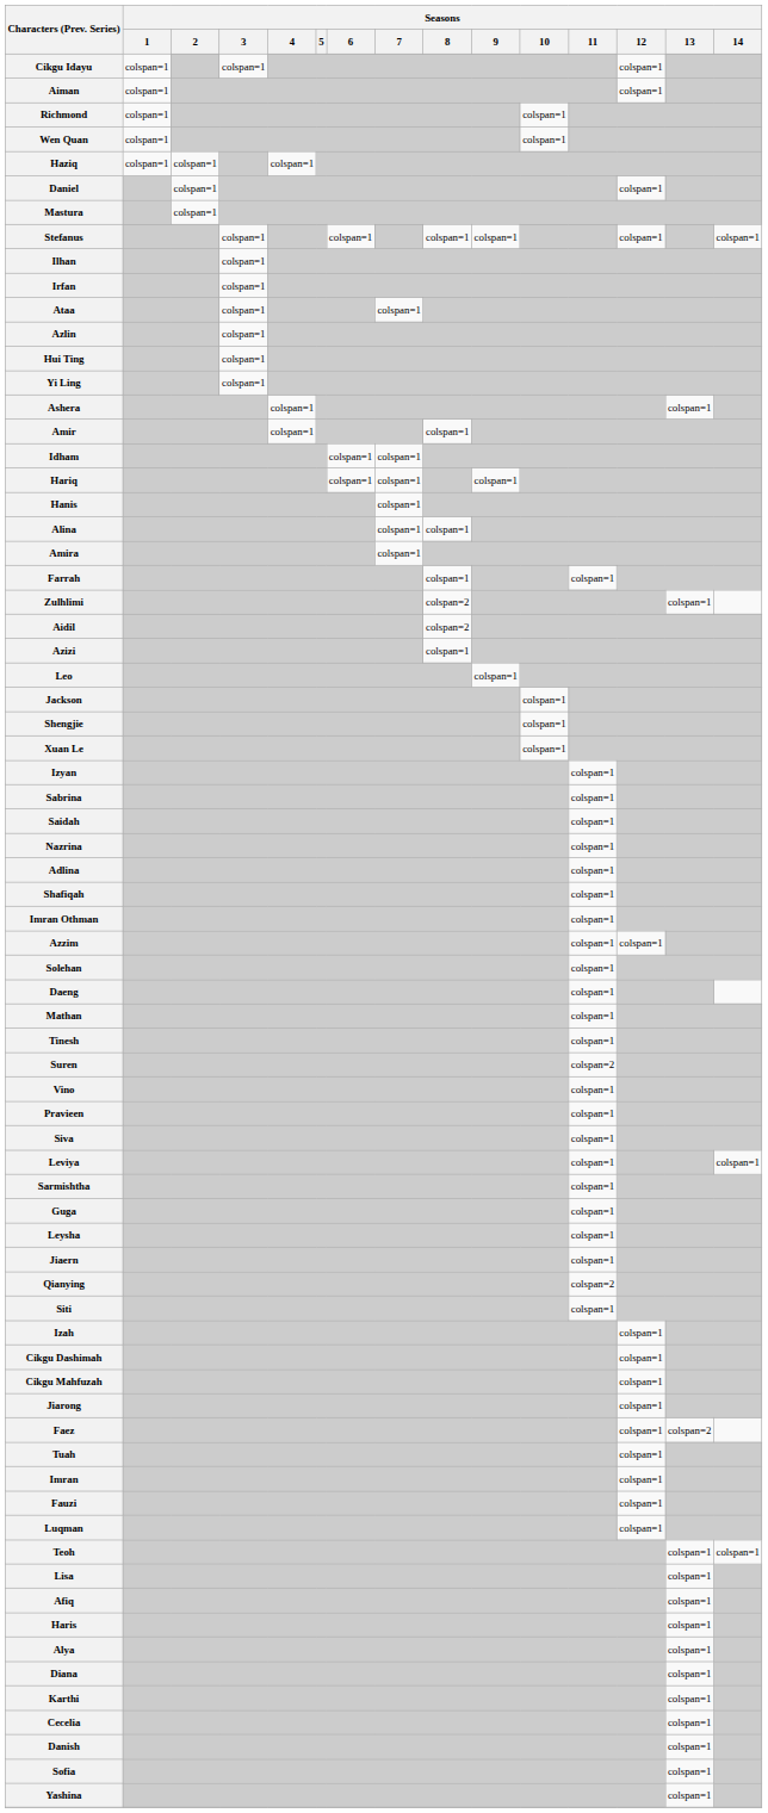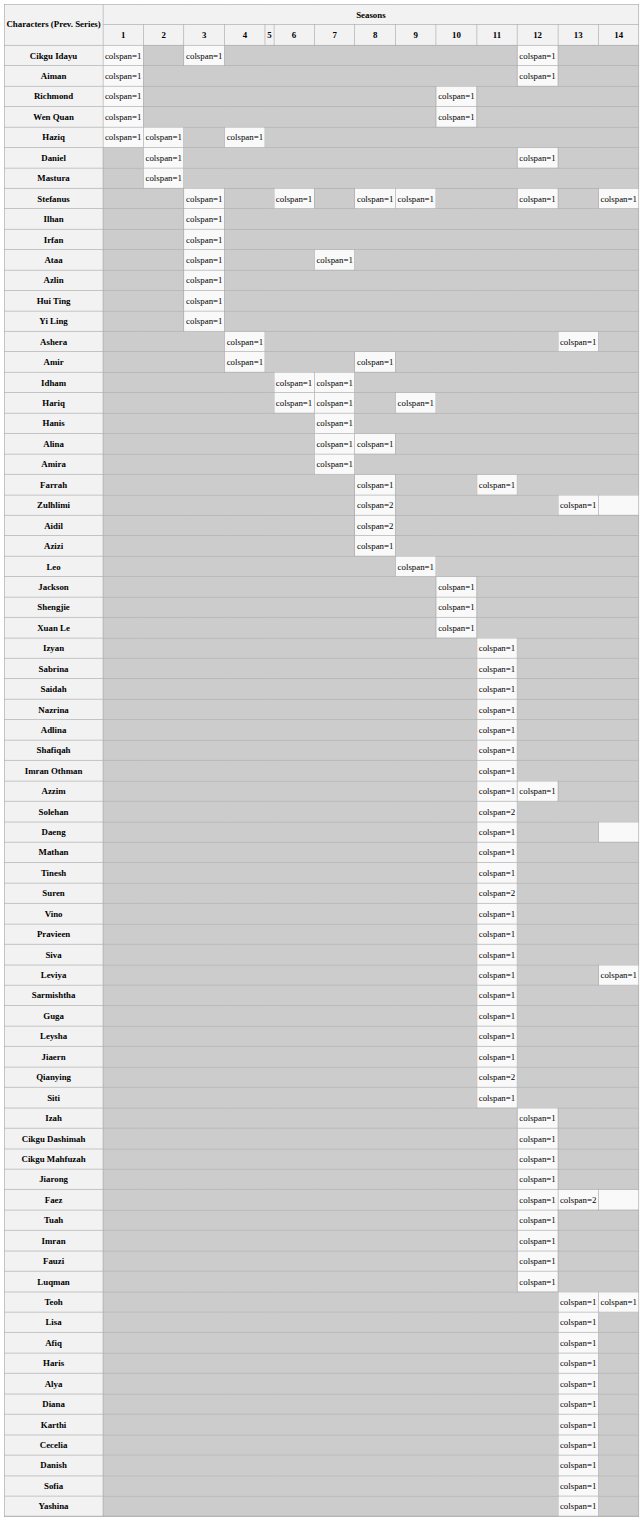 <table class="wikitable sortable" style=" text-align:center; font-size:85%;  line-height:25px; width:auto;">
 <tr>
 <th rowspan=2 scope="col" style="background: #0000Z0;color: black">Characters (Prev. Series)</th>
 <th colspan=14 scope="col" style="background:#0000Z0;color: black">Seasons</th>
 </tr>
 <tr>
 <th>1</th>
 <th>2</th>
 <th>3</th>
 <th>4</th>
 <th>5</th>
 <th>6</th>
 <th>7</th>
 <th>8</th>
 <th>9</th>
 <th>10</th>
 <th>11</th>
 <th>12</th>
 <th>13</th>
 <th>14</th>
 </tr>
 <tr>
 <th>Cikgu Idayu</th>
 <td>colspan=1 </td>
 <td colspan=1 style="background:#ccc"></td>
 <td>colspan=1 </td>
 <td colspan=8 style="background:#ccc"></td>
 <td>colspan=1 </td>
 <td colspan=2 style="background:#ccc"></td>
 </tr>
 <tr>
 <th>Aiman</th>
 <td>colspan=1 </td>
 <td colspan=10 style="background:#ccc"></td>
 <td>colspan=1 </td>
 <td colspan=2 style="background:#ccc"></td>
 </tr>
 <tr>
 <th>Richmond</th>
 <td>colspan=1 </td>
 <td colspan=8 style="background:#ccc"></td>
 <td>colspan=1 </td>
 <td colspan=4 style="background:#ccc"></td>
 </tr>
 <tr>
 <th>Wen Quan</th>
 <td>colspan=1 </td>
 <td colspan=8 style="background:#ccc"></td>
 <td>colspan=1 </td>
 <td colspan=4 style="background:#ccc"></td>
 </tr>
 <tr>
 <th>Haziq</th>
 <td>colspan=1 </td>
 <td>colspan=1 </td>
 <td colspan=1 style="background:#ccc"></td>
 <td>colspan=1 </td>
 <td colspan=10 style="background:#ccc"></td>
 </tr>
 <tr>
 <th>Daniel</th>
 <td colspan=1 style="background:#ccc"></td>
 <td>colspan=1 </td>
 <td colspan=9 style="background:#ccc"></td>
 <td>colspan=1 </td>
 <td colspan=2 style="background:#ccc"></td>
 </tr>
 <tr>
 <th>Mastura</th>
 <td colspan=1 style="background:#ccc"></td>
 <td>colspan=1 </td>
 <td colspan=12 style="background:#ccc"></td>
 </tr>
 <tr>
 <th>Stefanus</th>
 <td colspan=2 style="background:#ccc"></td>
 <td>colspan=1 </td>
 <td colspan=2 style="background:#ccc"></td>
 <td>colspan=1 </td>
 <td colspan=1 style="background:#ccc"></td>
 <td>colspan=1 </td>
 <td>colspan=1 </td>
 <td colspan=2 style="background:#ccc"></td>
 <td>colspan=1 </td>
 <td colspan=1 style="background:#ccc"></td>
 <td>colspan=1 </td>
 </tr>
 <tr>
 <th>Ilhan</th>
 <td colspan=2 style="background:#ccc"></td>
 <td>colspan=1 </td>
 <td colspan=11 style="background:#ccc"></td>
 </tr>
 <tr>
 <th>Irfan</th>
 <td colspan=2 style="background:#ccc"></td>
 <td>colspan=1 </td>
 <td colspan=11 style="background:#ccc"></td>
 </tr>
 <tr>
 <th>Ataa</th>
 <td colspan=2 style="background:#ccc"></td>
 <td>colspan=1 </td>
 <td colspan=3 style="background:#ccc"></td>
 <td>colspan=1 </td>
 <td colspan=7 style="background:#ccc"></td>
 </tr>
 <tr>
 <th>Azlin</th>
 <td colspan=2 style="background:#ccc"></td>
 <td>colspan=1 </td>
 <td colspan=11 style="background:#ccc"></td>
 </tr>
 <tr>
 <th>Hui Ting</th>
 <td colspan=2 style="background:#ccc"></td>
 <td>colspan=1 </td>
 <td colspan=11 style="background:#ccc"></td>
 </tr>
 <tr>
 <th>Yi Ling</th>
 <td colspan=2 style="background:#ccc"></td>
 <td>colspan=1 </td>
 <td colspan=11 style="background:#ccc"></td>
 </tr>
 <tr>
 <th>Ashera</th>
 <td colspan=3 style="background:#ccc"></td>
 <td>colspan=1 </td>
 <td colspan=8 style="background:#ccc"></td>
 <td>colspan=1 </td>
 <td colspan=1 style="background:#ccc"></td>
 </tr>
 <tr>
 <th>Amir</th>
 <td colspan=3 style="background:#ccc"></td>
 <td>colspan=1 </td>
 <td colspan=3 style="background:#ccc"></td>
 <td>colspan=1 </td>
 <td colspan=6 style="background:#ccc"></td>
 </tr>
 <tr>
 <th>Idham</th>
 <td colspan=5 style="background:#ccc"></td>
 <td>colspan=1 </td>
 <td>colspan=1 </td>
 <td colspan=7 style="background:#ccc"></td>
 </tr>
 <tr>
 <th>Hariq</th>
 <td colspan=5 style="background:#ccc"></td>
 <td>colspan=1 </td>
 <td>colspan=1 </td>
 <td colspan=1 style="background:#ccc"></td>
 <td>colspan=1 </td>
 <td colspan=5 style="background:#ccc"></td>
 </tr>
 <tr>
 <th>Hanis</th>
 <td colspan=6 style="background:#ccc"></td>
 <td>colspan=1 </td>
 <td colspan=7 style="background:#ccc"></td>
 </tr>
 <tr>
 <th>Alina</th>
 <td colspan=6 style="background:#ccc"></td>
 <td>colspan=1 </td>
 <td>colspan=1 </td>
 <td colspan=6 style="background:#ccc"></td>
 </tr>
 <tr>
 <th>Amira</th>
 <td colspan=6 style="background:#ccc"></td>
 <td>colspan=1 </td>
 <td colspan=7 style="background:#ccc"></td>
 </tr>
 <tr>
 <th>Farrah</th>
 <td colspan=7 style="background:#ccc"></td>
 <td>colspan=1 </td>
 <td colspan=2 style="background:#ccc"></td>
 <td>colspan=1 </td>
 <td colspan=3 style="background:#ccc"></td>
 </tr>
 <tr>
 <th>Zulhlimi</th>
 <td colspan=7 style="background:#ccc"></td>
 <td>colspan=2 </td>
 <td colspan=4 style="background:#ccc"></td>
 <td>colspan=1 </td>
 </tr>
 <tr>
 <th>Aidil</th>
 <td colspan=7 style="background:#ccc"></td>
 <td>colspan=2 </td>
 <td colspan=6 style="background:#ccc"></td>
 </tr>
 <tr>
 <th>Azizi</th>
 <td colspan=7 style="background:#ccc"></td>
 <td>colspan=1 </td>
 <td colspan=6 style="background:#ccc"></td>
 </tr>
 <tr>
 <th>Leo</th>
 <td colspan=8 style="background:#ccc"></td>
 <td>colspan=1 </td>
 <td colspan=5 style="background:#ccc"></td>
 </tr>
 <tr>
 <th>Jackson</th>
 <td colspan=9 style="background:#ccc"></td>
 <td>colspan=1 </td>
 <td colspan=4 style="background:#ccc"></td>
 </tr>
 <tr>
 <th>Shengjie</th>
 <td colspan=9 style="background:#ccc"></td>
 <td>colspan=1 </td>
 <td colspan=4 style="background:#ccc"></td>
 </tr>
 <tr>
 <th>Xuan Le</th>
 <td colspan=9 style="background:#ccc"></td>
 <td>colspan=1 </td>
 <td colspan=4 style="background:#ccc"></td>
 </tr>
 <tr>
 <th>Izyan</th>
 <td colspan=10 style="background:#ccc"></td>
 <td>colspan=1 </td>
 <td colspan=3 style="background:#ccc"></td>
 </tr>
 <tr>
 <th>Sabrina</th>
 <td colspan=10 style="background:#ccc"></td>
 <td>colspan=1 </td>
 <td colspan=3 style="background:#ccc"></td>
 </tr>
 <tr>
 <th>Saidah</th>
 <td colspan=10 style="background:#ccc"></td>
 <td>colspan=1 </td>
 <td colspan=3 style="background:#ccc"></td>
 </tr>
 <tr>
 <th>Nazrina</th>
 <td colspan=10 style="background:#ccc"></td>
 <td>colspan=1 </td>
 <td colspan=3 style="background:#ccc"></td>
 </tr>
 <tr>
 <th>Adlina</th>
 <td colspan=10 style="background:#ccc"></td>
 <td>colspan=1 </td>
 <td colspan=3 style="background:#ccc"></td>
 </tr>
 <tr>
 <th>Shafiqah</th>
 <td colspan=10 style="background:#ccc"></td>
 <td>colspan=1 </td>
 <td colspan=3 style="background:#ccc"></td>
 </tr>
 <tr>
 <th>Imran Othman</th>
 <td colspan=10 style="background:#ccc"></td>
 <td>colspan=1 </td>
 <td colspan=3 style="background:#ccc"></td>
 </tr>
 <tr>
 <th>Azzim</th>
 <td colspan=10 style="background:#ccc"></td>
 <td>colspan=1 </td>
 <td>colspan=1 </td>
 <td colspan=2 style="background:#ccc"></td>
 </tr>
 <tr>
 <th>Solehan</th>
 <td colspan=10 style="background:#ccc"></td>
-<td>colspan=1 </td>
+<td>colspan=2 </td>
 <td colspan=3 style="background:#ccc"></td>
 </tr>
 <tr>
 <th>Daeng</th>
 <td colspan=10 style="background:#ccc"></td>
 <td>colspan=1 </td>
 <td colspan=2 style="background:#ccc"></td>
 </tr>
 <tr>
 <th>Mathan</th>
 <td colspan=10 style="background:#ccc"></td>
 <td>colspan=1 </td>
 <td colspan=3 style="background:#ccc"></td>
 </tr>
 <tr>
 <th>Tinesh</th>
 <td colspan=10 style="background:#ccc"></td>
 <td>colspan=1 </td>
 <td colspan=3 style="background:#ccc"></td>
 </tr>
 <tr>
 <th>Suren</th>
 <td colspan=10 style="background:#ccc"></td>
 <td>colspan=2 </td>
 <td colspan=3 style="background:#ccc"></td>
 </tr>
 <tr>
 <th>Vino</th>
 <td colspan=10 style="background:#ccc"></td>
 <td>colspan=1 </td>
 <td colspan=3 style="background:#ccc"></td>
 </tr>
 <tr>
 <th>Pravieen</th>
 <td colspan=10 style="background:#ccc"></td>
 <td>colspan=1 </td>
 <td colspan=3 style="background:#ccc"></td>
 </tr>
 <tr>
 <th>Siva</th>
 <td colspan=10 style="background:#ccc"></td>
 <td>colspan=1 </td>
 <td colspan=3 style="background:#ccc"></td>
 </tr>
 <tr>
 <th>Leviya</th>
 <td colspan=10 style="background:#ccc"></td>
 <td>colspan=1 </td>
 <td colspan=2 style="background:#ccc"></td>
 <td>colspan=1 </td>
 </tr>
 <tr>
 <th>Sarmishtha</th>
 <td colspan=10 style="background:#ccc"></td>
 <td>colspan=1 </td>
 <td colspan=3 style="background:#ccc"></td>
 </tr>
 <tr>
 <th>Guga</th>
 <td colspan=10 style="background:#ccc"></td>
 <td>colspan=1 </td>
 <td colspan=3 style="background:#ccc"></td>
 </tr>
 <tr>
 <th>Leysha</th>
 <td colspan=10 style="background:#ccc"></td>
 <td>colspan=1 </td>
 <td colspan=3 style="background:#ccc"></td>
 </tr>
 <tr>
 <th>Jiaern</th>
 <td colspan=10 style="background:#ccc"></td>
 <td>colspan=1 </td>
 <td colspan=3 style="background:#ccc"></td>
 </tr>
 <tr>
 <th>Qianying</th>
 <td colspan=10 style="background:#ccc"></td>
 <td>colspan=2 </td>
 <td colspan=3 style="background:#ccc"></td>
 </tr>
 <tr>
 <th>Siti</th>
 <td colspan=10 style="background:#ccc"></td>
 <td>colspan=1 </td>
 <td colspan=3 style="background:#ccc"></td>
 </tr>
 <tr>
 <th>Izah</th>
 <td colspan=11 style="background:#ccc"></td>
 <td>colspan=1 </td>
 <td colspan=2 style="background:#ccc"></td>
 </tr>
 <tr>
 <th>Cikgu Dashimah</th>
 <td colspan=11 style="background:#ccc"></td>
 <td>colspan=1 </td>
 <td colspan=2 style="background:#ccc"></td>
 </tr>
 <tr>
 <th>Cikgu Mahfuzah</th>
 <td colspan=11 style="background:#ccc"></td>
 <td>colspan=1 </td>
 <td colspan=2 style="background:#ccc"></td>
 </tr>
 <tr>
 <th>Jiarong</th>
 <td colspan=11 style="background:#ccc"></td>
 <td>colspan=1 </td>
 <td colspan=2 style="background:#ccc"></td>
 </tr>
 <tr>
 <th>Faez</th>
 <td colspan=11 style="background:#ccc"></td>
 <td>colspan=1 </td>
 <td>colspan=2 </td>
 </tr>
 <tr>
 <th>Tuah</th>
 <td colspan=11 style="background:#ccc"></td>
 <td>colspan=1 </td>
 <td colspan=2 style="background:#ccc"></td>
 </tr>
 <tr>
 <th>Imran</th>
 <td colspan=11 style="background:#ccc"></td>
 <td>colspan=1 </td>
 <td colspan=2 style="background:#ccc"></td>
 </tr>
 <tr>
 <th>Fauzi</th>
 <td colspan=11 style="background:#ccc"></td>
 <td>colspan=1 </td>
 <td colspan=2 style="background:#ccc"></td>
 </tr>
 <tr>
 <th>Luqman</th>
 <td colspan=11 style="background:#ccc"></td>
 <td>colspan=1 </td>
 <td colspan=2 style="background:#ccc"></td>
 </tr>
 <tr>
 <th>Teoh</th>
 <td colspan=12 style="background:#ccc"></td>
 <td>colspan=1 </td>
 <td>colspan=1 </td>
 </tr>
 <tr>
 <th>Lisa</th>
 <td colspan=12 style="background:#ccc"></td>
 <td>colspan=1 </td>
 <td colspan=1 style="background:#ccc"></td>
 </tr>
 <tr>
 <th>Afiq</th>
 <td colspan=12 style="background:#ccc"></td>
 <td>colspan=1 </td>
 <td colspan=1 style="background:#ccc"></td>
 </tr>
 <tr>
 <th>Haris</th>
 <td colspan=12 style="background:#ccc"></td>
 <td>colspan=1 </td>
 <td colspan=1 style="background:#ccc"></td>
 </tr>
 <tr>
 <th>Alya</th>
 <td colspan=12 style="background:#ccc"></td>
 <td>colspan=1 </td>
 <td colspan=1 style="background:#ccc"></td>
 </tr>
 <tr>
 <th>Diana</th>
 <td colspan=12 style="background:#ccc"></td>
 <td>colspan=1 </td>
 <td colspan=1 style="background:#ccc"></td>
 </tr>
 <tr>
 <th>Karthi</th>
 <td colspan=12 style="background:#ccc"></td>
 <td>colspan=1 </td>
 <td colspan=1 style="background:#ccc"></td>
 </tr>
 <tr>
 <th>Cecelia</th>
 <td colspan=12 style="background:#ccc"></td>
 <td>colspan=1 </td>
 <td colspan=1 style="background:#ccc"></td>
 </tr>
 <tr>
 <th>Danish</th>
 <td colspan=12 style="background:#ccc"></td>
 <td>colspan=1 </td>
 <td colspan=1 style="background:#ccc"></td>
 </tr>
 <tr>
 <th>Sofia</th>
 <td colspan=12 style="background:#ccc"></td>
 <td>colspan=1 </td>
 <td colspan=1 style="background:#ccc"></td>
 </tr>
 <tr>
 <th>Yashina</th>
 <td colspan=12 style="background:#ccc"></td>
 <td>colspan=1 </td>
 <td colspan=1 style="background:#ccc"></td>
 </tr>
 <tr>
 </tr>
 </table>
